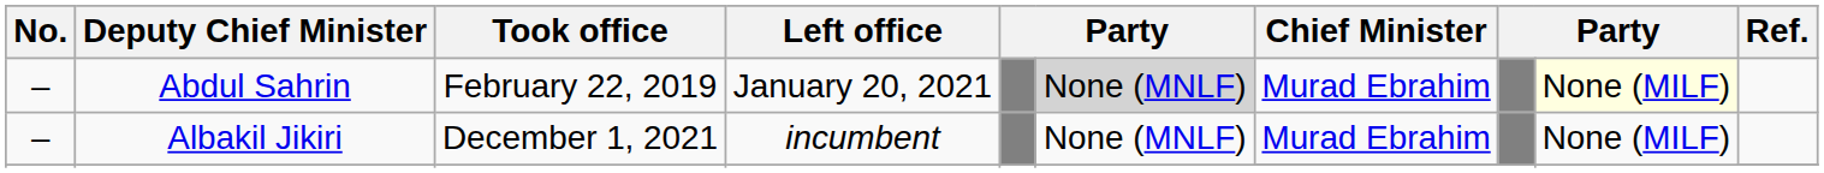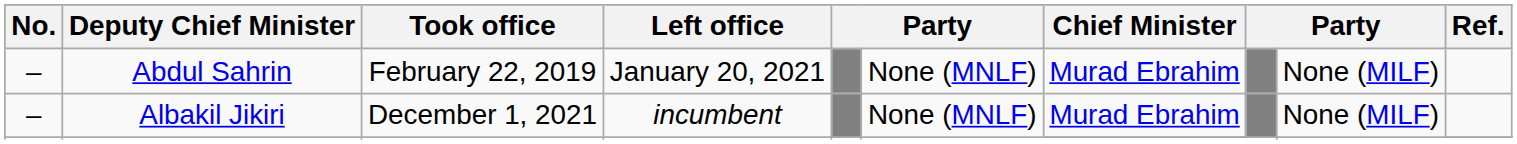 <table class="wikitable plainrowheaders" style="text-align: center;">
 <tr bgcolor=#cccccc>
 <th>No.</th>
 <th>Deputy Chief Minister</th>
 <th>Took office</th>
 <th>Left office</th>
 <th colspan=2>Party</th>
 <th>Chief Minister</th>
 <th colspan=2>Party</th>
 <th>Ref.</th>
 </tr>
 <tr>
 <td>–</td>
 <td><a href='#'>Abdul Sahrin</a></td>
 <td>February 22, 2019</td>
 <td>January 20, 2021</td>
 <td width="2%" style="background:grey">  </td>
-<td style="background: lightgrey;">None (<a href='#'>MNLF</a>)</td>
+<td>None (<a href='#'>MNLF</a>)</td>
 <td><a href='#'>Murad Ebrahim</a> </td>
 <td width="2%" style="background:grey">  </td>
-<td style="background: lightyellow;">None (<a href='#'>MILF</a>)</td>
+<td>None (<a href='#'>MILF</a>)</td>
 <td></td>
 </tr>
 <tr>
 <td rowspan=2>–</td>
 <td rowspan=2><a href='#'>Albakil Jikiri</a></td>
 <td rowspan=2>December 1, 2021</td>
 <td rowspan=2><em>incumbent</em></td>
 <td rowspan=2 width="2%" style="background:grey">  </td>
 <td rowspan=2>None (<a href='#'>MNLF</a>)</td>
 <td><a href='#'>Murad Ebrahim</a> </td>
 <td rowspan=2 width="2%" style="background:grey">  </td>
 <td rowspan=2>None (<a href='#'>MILF</a>)</td>
 <td></td>
 </tr>
 <tr>
 </tr>
 </table>
